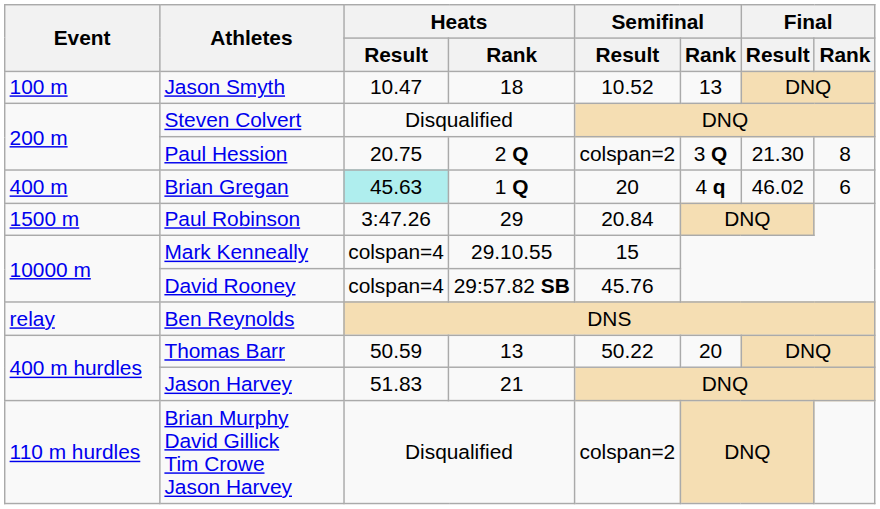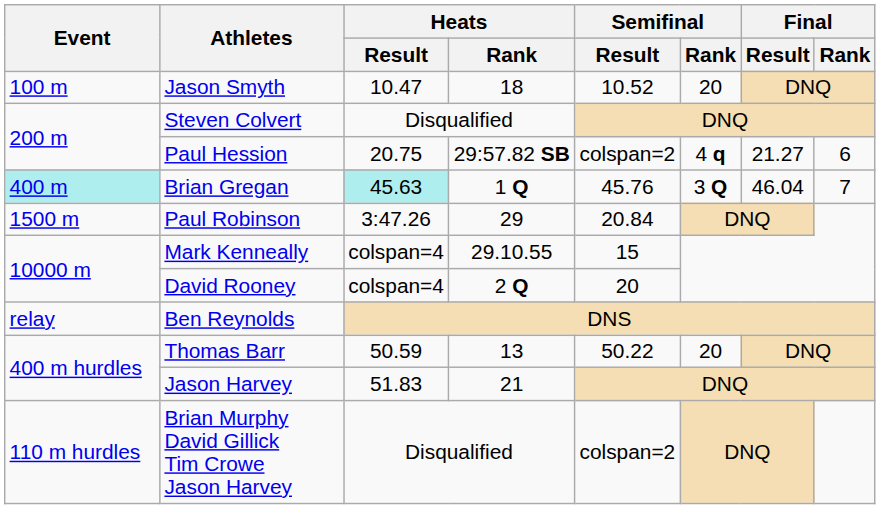 <table class="wikitable" border="1" style="font-size:90%">
 <tr>
 <th rowspan="2" width=100>Event</th>
 <th rowspan="2" width=120>Athletes</th>
 <th colspan="2">Heats</th>
 <th colspan="2">Semifinal</th>
 <th colspan="2">Final</th>
 </tr>
 <tr>
 <th>Result</th>
 <th>Rank</th>
 <th>Result</th>
 <th>Rank</th>
 <th>Result</th>
 <th>Rank</th>
 </tr>
 <tr>
 <td><a href='#'>100 m</a></td>
 <td><a href='#'>Jason Smyth</a></td>
 <td align=center>10.47</td>
 <td align=center>18</td>
 <td align=center>10.52</td>
-<td align=center>13</td>
+<td align=center>20</td>
 <td colspan=2 align=center bgcolor="wheat">DNQ</td>
 </tr>
 <tr>
 <td rowspan=2><a href='#'>200 m</a></td>
 <td><a href='#'>Steven Colvert</a></td>
 <td align=center colspan="2">Disqualified</td>
 <td colspan=4 align=center bgcolor="wheat">DNQ</td>
 </tr>
 <tr>
 <td><a href='#'>Paul Hession</a></td>
 <td align=center>20.75</td>
-<td align=center>2 <strong>Q</strong></td>
+<td align=center>29:57.82 <strong>SB</strong></td>
 <td>colspan=2 </td>
-<td align=center>3 <strong>Q</strong></td>
-<td align=center>21.30</td>
-<td align=center>8</td>
+<td align=center>4 <strong>q</strong></td>
+<td align=center>21.27</td>
+<td align=center>6</td>
 </tr>
 <tr>
-<td><a href='#'>400 m</a></td>
+<td style="background: paleturquoise;"><a href='#'>400 m</a></td>
 <td><a href='#'>Brian Gregan</a></td>
 <td align=center style="background: paleturquoise;">45.63</td>
 <td align=center>1 <strong>Q</strong></td>
-<td align=center>20</td>
-<td align=center>4 <strong>q</strong></td>
-<td align=center>46.02</td>
-<td align=center>6</td>
+<td align=center>45.76</td>
+<td align=center>3 <strong>Q</strong></td>
+<td align=center>46.04</td>
+<td align=center>7</td>
 </tr>
 <tr>
 <td><a href='#'>1500 m</a></td>
 <td><a href='#'>Paul Robinson</a></td>
 <td align=center>3:47.26</td>
 <td align=center>29</td>
 <td align=center>20.84</td>
 <td colspan=2 align=center bgcolor="wheat">DNQ</td>
 </tr>
 <tr>
 <td rowspan=2><a href='#'>10000 m</a></td>
 <td><a href='#'>Mark Kenneally</a></td>
 <td>colspan=4 </td>
 <td align=center>29.10.55</td>
 <td align=center>15</td>
 </tr>
 <tr>
 <td><a href='#'>David Rooney</a></td>
 <td>colspan=4 </td>
-<td align=center>29:57.82 <strong>SB</strong></td>
-<td align=center>45.76</td>
+<td align=center>2 <strong>Q</strong></td>
+<td align=center>20</td>
 </tr>
 <tr>
 <td><a href='#'> relay</a></td>
 <td><a href='#'>Ben Reynolds</a></td>
 <td colspan=6 align=center bgcolor="wheat">DNS</td>
 </tr>
 <tr>
 <td rowspan=2><a href='#'>400 m hurdles</a></td>
 <td><a href='#'>Thomas Barr</a></td>
 <td align=center>50.59</td>
 <td align=center>13</td>
 <td align=center>50.22</td>
 <td align=center>20</td>
 <td colspan=2 align=center bgcolor="wheat">DNQ</td>
 </tr>
 <tr>
 <td><a href='#'>Jason Harvey</a></td>
 <td align=center>51.83</td>
 <td align=center>21</td>
 <td colspan=4 align=center bgcolor="wheat">DNQ</td>
 </tr>
 <tr>
 <td><a href='#'>110 m hurdles</a></td>
 <td><a href='#'>Brian Murphy</a><br><a href='#'>David Gillick</a><br><a href='#'>Tim Crowe</a><br><a href='#'>Jason Harvey</a></td>
 <td align=center colspan="2">Disqualified</td>
 <td>colspan=2 </td>
 <td colspan=2 align=center bgcolor="wheat">DNQ</td>
 </tr>
 </table>
